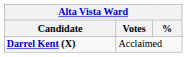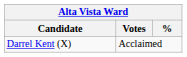 <table class="wikitable">
 <tr>
 <th colspan="3"><a href='#'>Alta Vista Ward</a></th>
 </tr>
 <tr>
 <th style="width: 170px">Candidate</th>
 <th style="width: 50px">Votes</th>
 <th style="width: 40px">%</th>
 </tr>
 <tr>
-<td><strong><a href='#'>Darrel Kent</a> (X)</strong></td>
+<td><a href='#'>Darrel Kent</a> (X)</td>
 <td colspan="2">Acclaimed</td>
 </tr>
 </table>
